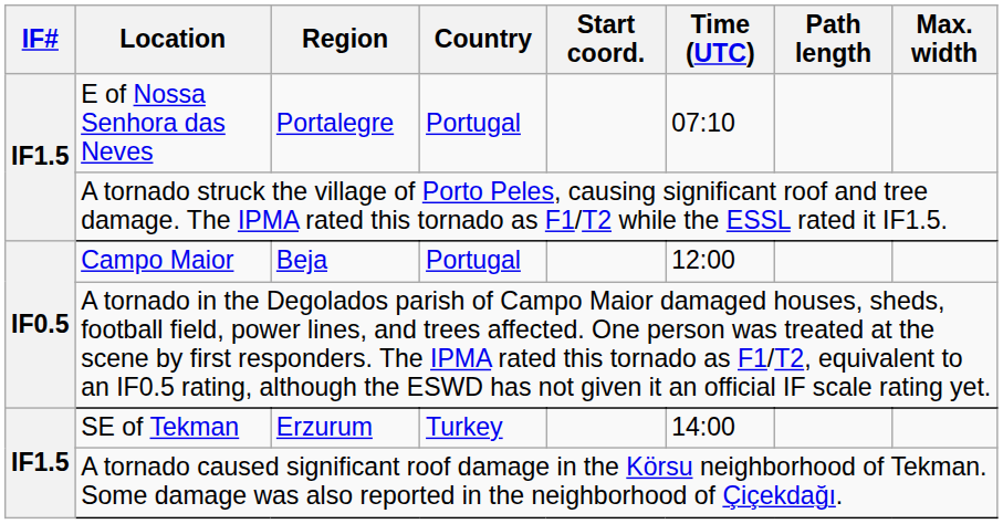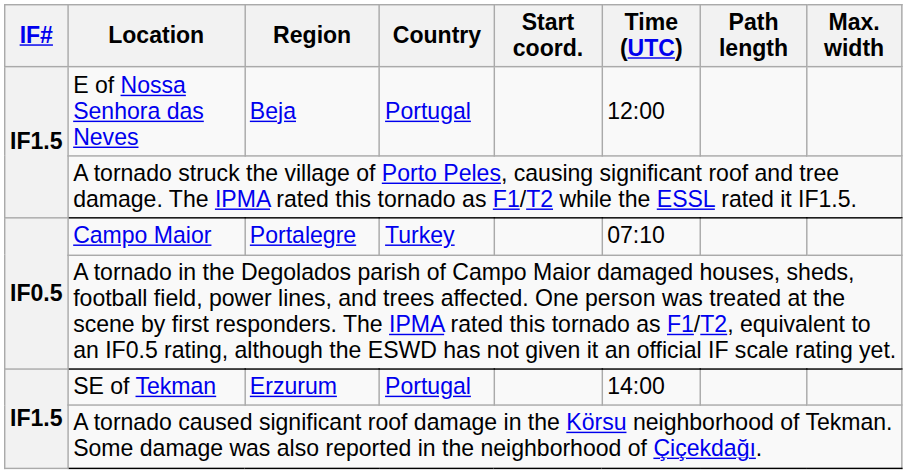 <table class="wikitable sortable" style="width:100%;">
 <tr>
 <th scope="col" width="2%" align="center"><a href='#'>IF#</a></th>
 <th scope="col" align="center" class="unsortable">Location</th>
 <th scope="col" align="center" class="unsortable">Region</th>
 <th scope="col" align="center">Country</th>
 <th scope="col" align="center">Start coord.</th>
 <th scope="col" align="center">Time (<a href='#'>UTC</a>)</th>
 <th scope="col" align="center">Path length</th>
 <th scope="col" align="center">Max. width</th>
 </tr>
 <tr>
 <th scope="row" rowspan="2" style="background-color:#">IF1.5</th>
 <td>E of <a href='#'>Nossa Senhora das Neves</a></td>
-<td><a href='#'>Portalegre</a></td>
+<td><a href='#'>Beja</a></td>
 <td><a href='#'>Portugal</a></td>
 <td></td>
-<td>07:10</td>
+<td>12:00</td>
 <td></td>
 <td></td>
 </tr>
 <tr class="expand-child">
 <td colspan="8" style=" border-bottom: 1px solid black;">A tornado struck the village of <a href='#'>Porto Peles</a>, causing significant roof and tree damage. The <a href='#'>IPMA</a> rated this tornado as <a href='#'>F1</a>/<a href='#'>T2</a> while the <a href='#'>ESSL</a> rated it IF1.5.</td>
 </tr>
 <tr>
 <th scope="row" rowspan="2" style="background-color:#">IF0.5</th>
 <td><a href='#'>Campo Maior</a></td>
-<td><a href='#'>Beja</a></td>
-<td><a href='#'>Portugal</a></td>
+<td><a href='#'>Portalegre</a></td>
+<td><a href='#'>Turkey</a></td>
 <td></td>
-<td>12:00</td>
+<td>07:10</td>
 <td></td>
 <td></td>
 </tr>
 <tr class="expand-child">
 <td colspan="8" style=" border-bottom: 1px solid black;">A tornado in the Degolados parish of Campo Maior damaged houses, sheds, football field, power lines, and trees affected. One person was treated at the scene by first responders. The <a href='#'>IPMA</a> rated this tornado as <a href='#'>F1</a>/<a href='#'>T2</a>, equivalent to an IF0.5 rating, although the ESWD has not given it an official IF scale rating yet. </td>
 </tr>
 <tr>
 <th scope="row" rowspan="2" style="background-color:#">IF1.5</th>
 <td>SE of <a href='#'>Tekman</a></td>
 <td><a href='#'>Erzurum</a></td>
-<td><a href='#'>Turkey</a></td>
+<td><a href='#'>Portugal</a></td>
 <td></td>
 <td>14:00</td>
 <td></td>
 <td></td>
 </tr>
 <tr class="expand-child">
 <td colspan="8" style=" border-bottom: 1px solid black;">A tornado caused significant roof damage in the <a href='#'>Körsu</a> neighborhood of Tekman. Some damage was also reported in the neighborhood of <a href='#'>Çiçekdağı</a>.</td>
 </tr>
 </table>
